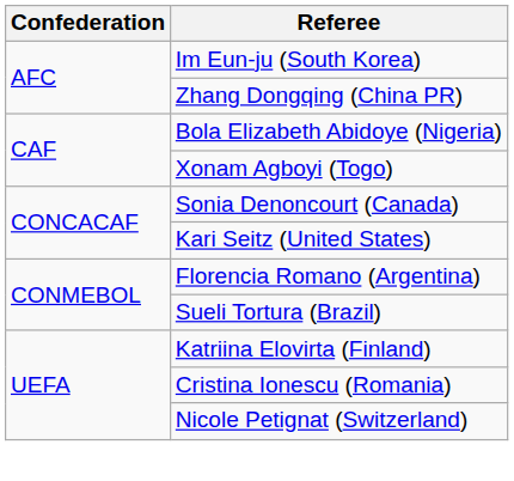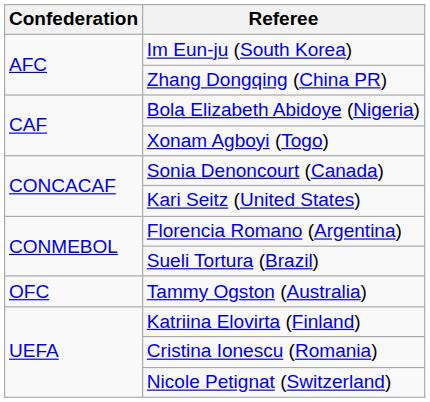 <table class="wikitable">
 <tr>
 <th>Confederation</th>
 <th>Referee</th>
 </tr>
 <tr>
 <td rowspan="2"><a href='#'>AFC</a></td>
 <td><a href='#'>Im Eun-ju</a> (<a href='#'>South Korea</a>)</td>
 </tr>
 <tr>
 <td><a href='#'>Zhang Dongqing</a> (<a href='#'>China PR</a>)</td>
 </tr>
 <tr>
 <td rowspan="2"><a href='#'>CAF</a></td>
 <td><a href='#'>Bola Elizabeth Abidoye</a> (<a href='#'>Nigeria</a>)</td>
 </tr>
 <tr>
 <td><a href='#'>Xonam Agboyi</a> (<a href='#'>Togo</a>)</td>
 </tr>
 <tr>
 <td rowspan="2"><a href='#'>CONCACAF</a></td>
 <td><a href='#'>Sonia Denoncourt</a> (<a href='#'>Canada</a>)</td>
 </tr>
 <tr>
 <td><a href='#'>Kari Seitz</a> (<a href='#'>United States</a>)</td>
 </tr>
 <tr>
 <td rowspan="2"><a href='#'>CONMEBOL</a></td>
 <td><a href='#'>Florencia Romano</a> (<a href='#'>Argentina</a>)</td>
 </tr>
 <tr>
 <td><a href='#'>Sueli Tortura</a> (<a href='#'>Brazil</a>)</td>
 </tr>
 <tr>
+<td><a href='#'>OFC</a></td>
+<td><a href='#'>Tammy Ogston</a> (<a href='#'>Australia</a>)</td>
+</tr>
+<tr>
 <td rowspan="3"><a href='#'>UEFA</a></td>
 <td><a href='#'>Katriina Elovirta</a> (<a href='#'>Finland</a>)</td>
 </tr>
 <tr>
 <td><a href='#'>Cristina Ionescu</a> (<a href='#'>Romania</a>)</td>
 </tr>
 <tr>
 <td><a href='#'>Nicole Petignat</a> (<a href='#'>Switzerland</a>)</td>
 </tr>
 </table>
